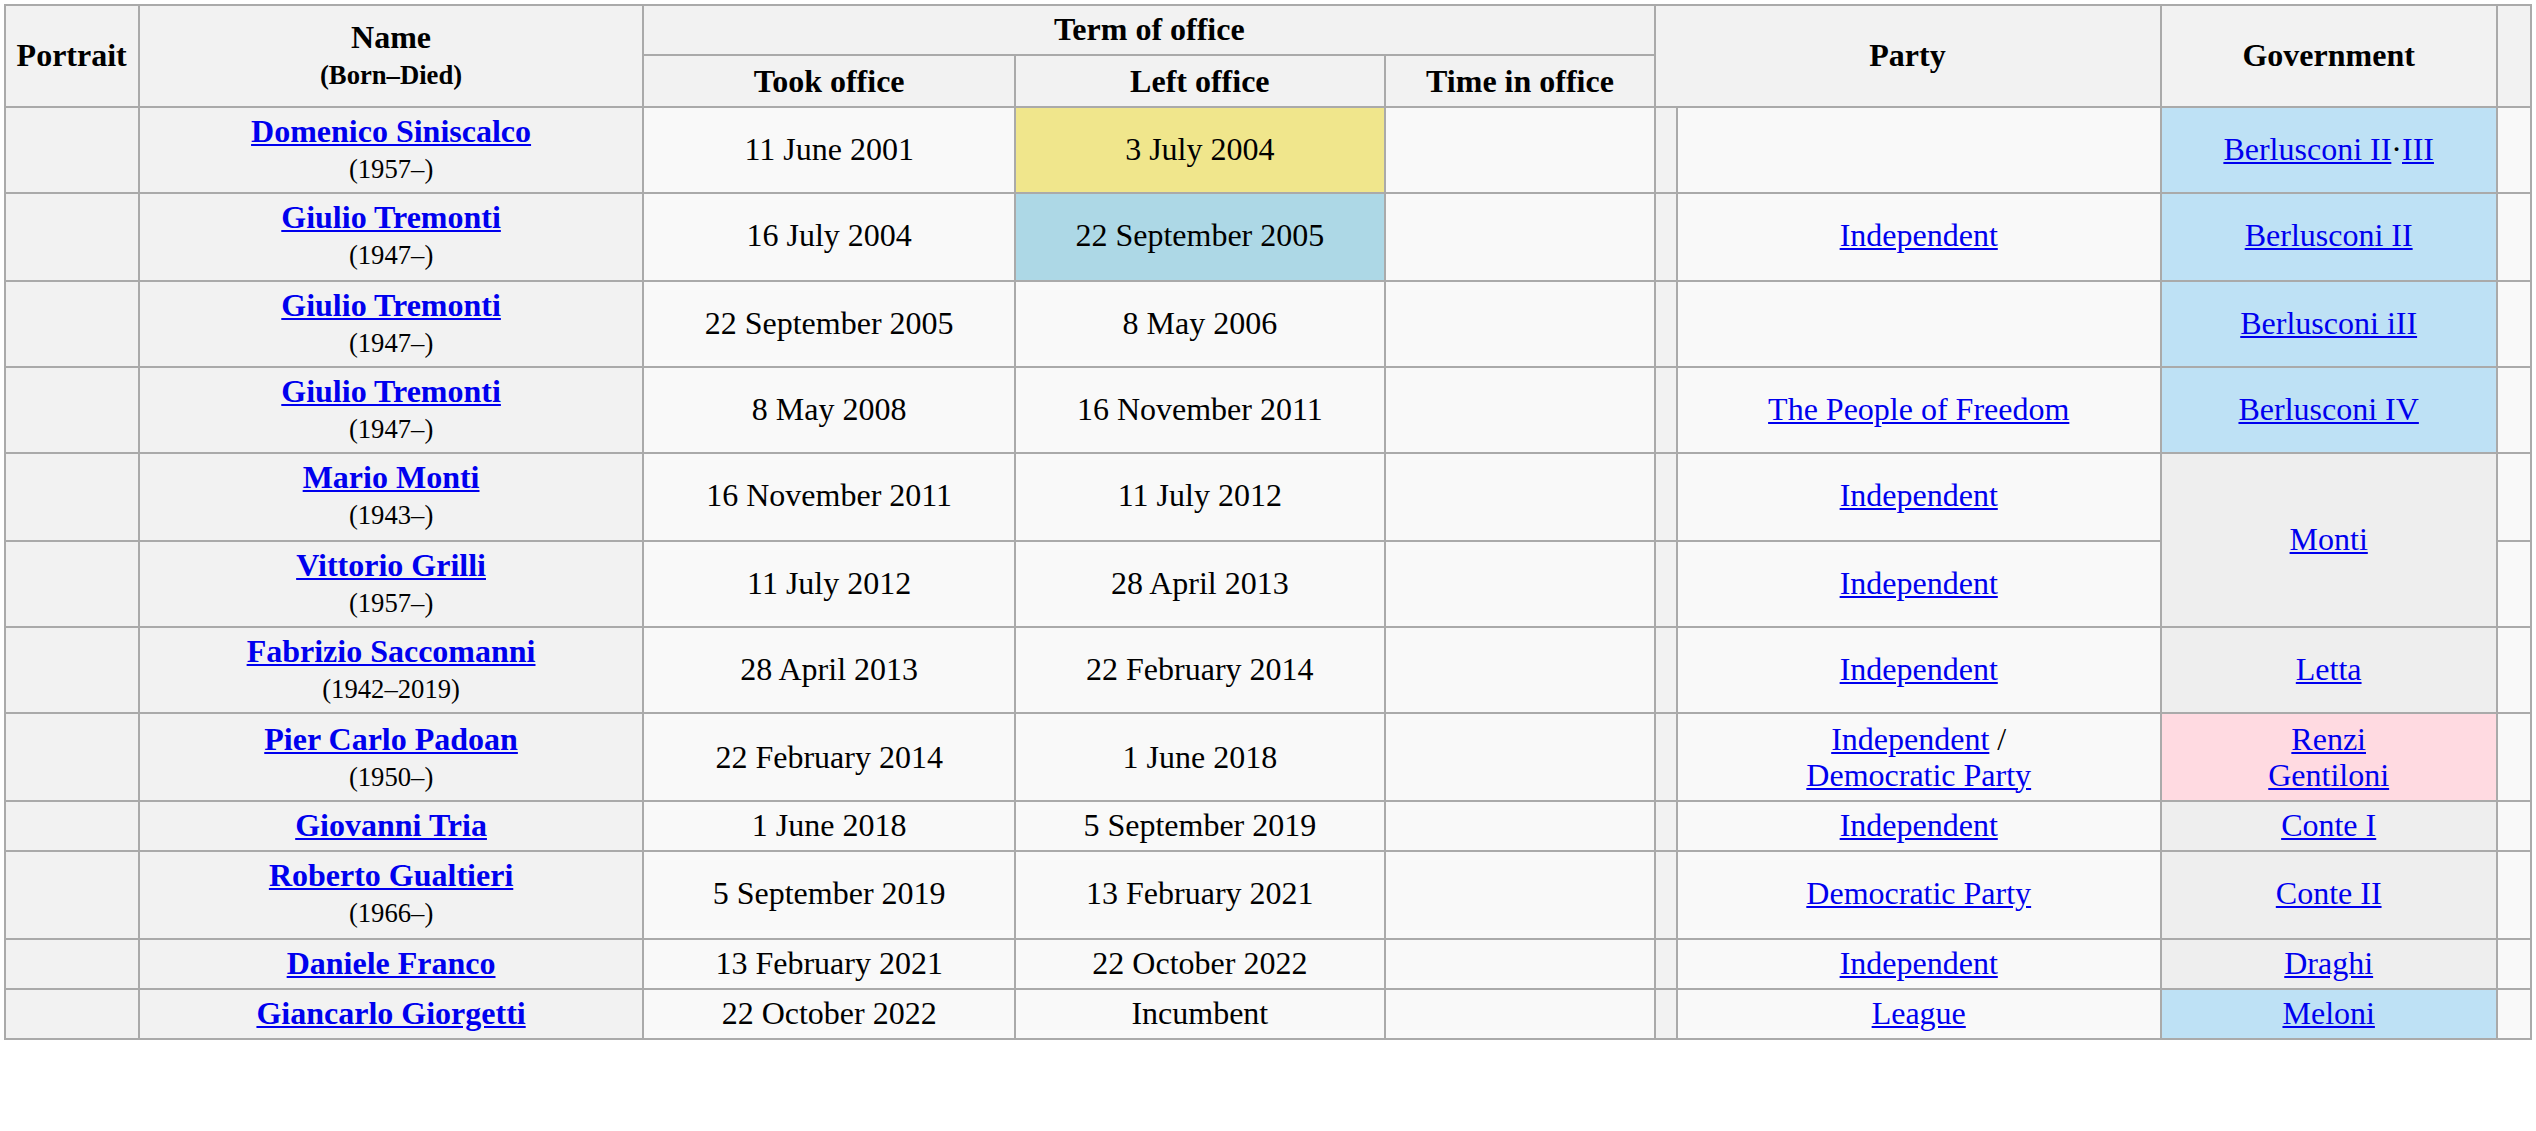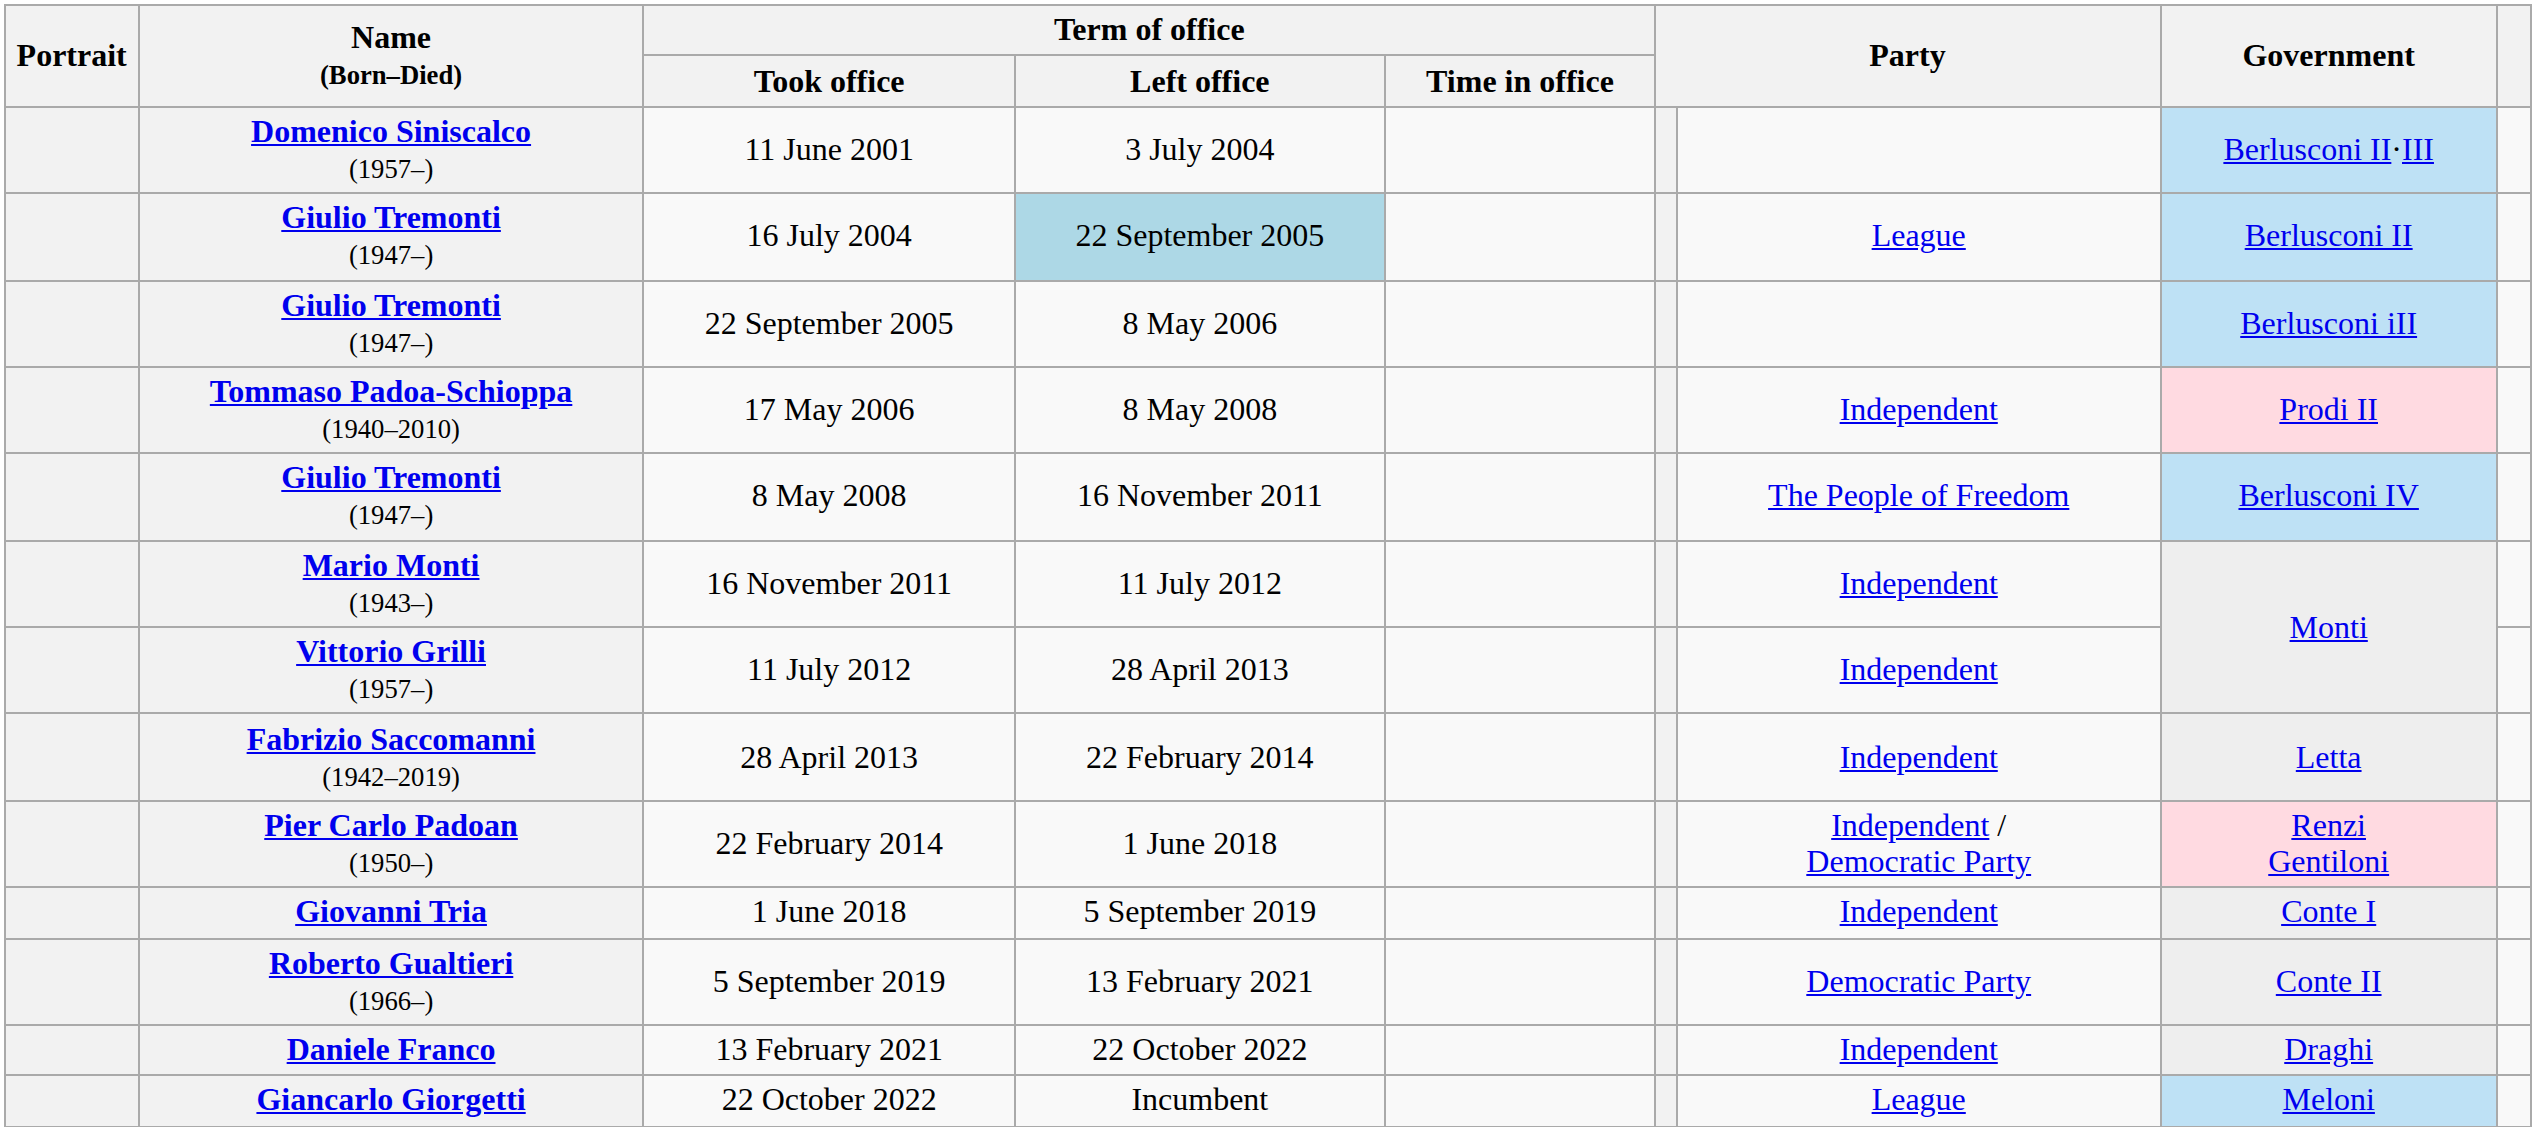 <table class="wikitable" style="text-align:center; style="width=100%">
 <tr>
 <th width=1% rowspan=2>Portrait</th>
 <th width=15% rowspan=2>Name<br><small>(Born–Died)</small></th>
 <th width=30% colspan=3>Term of office</th>
 <th width=15% rowspan=2 colspan=2>Party</th>
 <th width=10% rowspan=2>Government</th>
 <th width=1% rowspan=2></th>
 </tr>
 <tr style="text-align:center;">
 <th width=11%>Took office</th>
 <th width=11%>Left office</th>
 <th width=8%>Time in office</th>
 </tr>
 <tr style="text-align:center;">
 <th></th>
 <th scope="row" style="font-weight:normal"><strong><a href='#'>Domenico Siniscalco</a></strong><br><small>(1957–)</small></th>
 <td>11 June 2001</td>
-<td style="background: khaki;">3 July 2004</td>
+<td>3 July 2004</td>
 <td></td>
 <th style="background: "></th>
 <td></td>
 <td bgcolor=#BEE1F5><a href='#'>Berlusconi II</a>·<a href='#'>III</a></td>
 <td></td>
 </tr>
 <tr>
 <th></th>
 <th scope="row" style="font-weight:normal"><strong><a href='#'>Giulio Tremonti</a></strong><br><small>(1947–)</small></th>
 <td>16 July 2004</td>
 <td style="background: lightblue;">22 September 2005</td>
 <td></td>
 <th style="background:"></th>
-<td><a href='#'>Independent</a></td>
+<td><a href='#'>League</a></td>
 <td bgcolor=#BEE1F5><a href='#'>Berlusconi II</a></td>
 <td></td>
 </tr>
 <tr>
 <th></th>
 <th scope="row" style="font-weight:normal"><strong><a href='#'>Giulio Tremonti</a></strong><br><small>(1947–)</small></th>
 <td>22 September 2005</td>
 <td>8 May 2006</td>
 <td></td>
 <th style="background:"></th>
 <td></td>
 <td bgcolor=#BEE1F5><a href='#'>Berlusconi iII</a></td>
+<td></td>
+</tr>
+<tr>
+<th></th>
+<th scope="row" style="font-weight:normal"><strong><a href='#'>Tommaso Padoa-Schioppa</a></strong><br><small>(1940–2010)</small></th>
+<td>17 May 2006</td>
+<td>8 May 2008</td>
+<td></td>
+<th style="background:"></th>
+<td><a href='#'>Independent</a></td>
+<td bgcolor=#FFDAE1><a href='#'>Prodi II</a></td>
 <td></td>
 </tr>
 <tr>
 <th></th>
 <th scope="row" style="font-weight:normal"><strong><a href='#'>Giulio Tremonti</a></strong><br><small>(1947–)</small></th>
 <td>8 May 2008</td>
 <td>16 November 2011</td>
 <td></td>
 <th style="background:"></th>
 <td><a href='#'>The People of Freedom</a></td>
 <td bgcolor=#BEE1F5><a href='#'>Berlusconi IV</a></td>
 <td></td>
 </tr>
 <tr>
 <th></th>
 <th scope="row" style="font-weight:normal"><strong><a href='#'>Mario Monti</a></strong><br><small>(1943–)</small><br><em></em></th>
 <td>16 November 2011</td>
 <td>11 July 2012</td>
 <td></td>
 <th style="background:"></th>
 <td><a href='#'>Independent</a></td>
 <td rowspan=2 bgcolor=#EEEEEE><a href='#'>Monti</a></td>
 <td></td>
 </tr>
 <tr>
 <th></th>
 <th scope="row" style="font-weight:normal"><strong><a href='#'>Vittorio Grilli</a></strong><br><small>(1957–)</small></th>
 <td>11 July 2012</td>
 <td>28 April 2013</td>
 <td></td>
 <th style="background:"></th>
 <td><a href='#'>Independent</a></td>
 <td></td>
 </tr>
 <tr>
 <th></th>
 <th scope="row" style="font-weight:normal"><strong><a href='#'>Fabrizio Saccomanni</a></strong><br><small>(1942–2019)</small></th>
 <td>28 April 2013</td>
 <td>22 February 2014</td>
 <td></td>
 <th style="background:"></th>
 <td><a href='#'>Independent</a></td>
 <td bgcolor=#EEEEEE><a href='#'>Letta</a></td>
 <td></td>
 </tr>
 <tr>
 <th></th>
 <th scope="row" style="font-weight:normal"><strong><a href='#'>Pier Carlo Padoan</a></strong><br><small>(1950–)</small></th>
 <td>22 February 2014</td>
 <td>1 June 2018</td>
 <td></td>
 <th style="background:"></th>
 <td><a href='#'>Independent</a> /<br><a href='#'>Democratic Party</a></td>
 <td bgcolor=#FFDAE1><a href='#'>Renzi</a><br><a href='#'>Gentiloni</a></td>
 <td></td>
 </tr>
 <tr>
 <th></th>
 <th scope="row" style="font-weight:normal"><strong><a href='#'>Giovanni Tria</a></strong><br></th>
 <td>1 June 2018</td>
 <td>5 September 2019</td>
 <td></td>
 <th style="background:"></th>
 <td><a href='#'>Independent</a></td>
 <td bgcolor=#EEEEEE><a href='#'>Conte I</a></td>
 <td></td>
 </tr>
 <tr>
 <th></th>
 <th scope="row" style="font-weight:normal"><strong><a href='#'>Roberto Gualtieri</a></strong><br><small>(1966–)</small></th>
 <td>5 September 2019</td>
 <td>13 February 2021</td>
 <td></td>
 <th style="background:"></th>
 <td><a href='#'>Democratic Party</a></td>
 <td bgcolor=#EEEEEE><a href='#'>Conte II</a></td>
 <td></td>
 </tr>
 <tr>
 <th></th>
 <th scope="row" style="font-weight:normal"><strong><a href='#'>Daniele Franco</a></strong><br></th>
 <td>13 February 2021</td>
 <td>22 October 2022</td>
 <td></td>
 <th style="background:"></th>
 <td><a href='#'>Independent</a></td>
 <td bgcolor=#EEEEEE><a href='#'>Draghi</a></td>
 <td></td>
 </tr>
 <tr>
 <th></th>
 <th scope="row" style="font-weight:normal"><strong><a href='#'>Giancarlo Giorgetti</a></strong><br></th>
 <td>22 October 2022</td>
 <td>Incumbent</td>
 <td></td>
 <th style="background:"></th>
 <td><a href='#'>League</a></td>
 <td bgcolor=#BEE1F5><a href='#'>Meloni</a></td>
 <td></td>
 </tr>
 <tr>
 </tr>
 </table>
